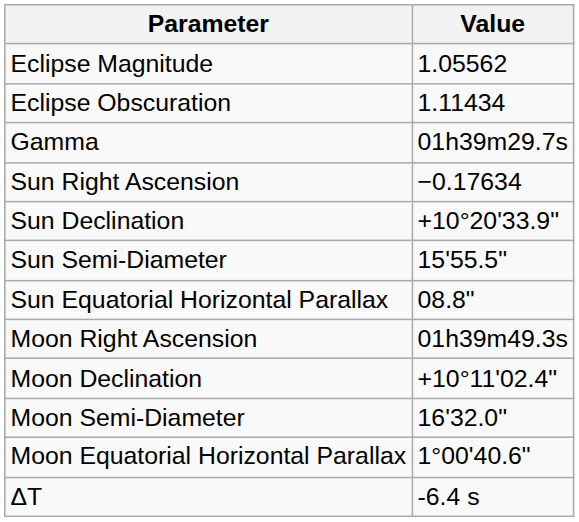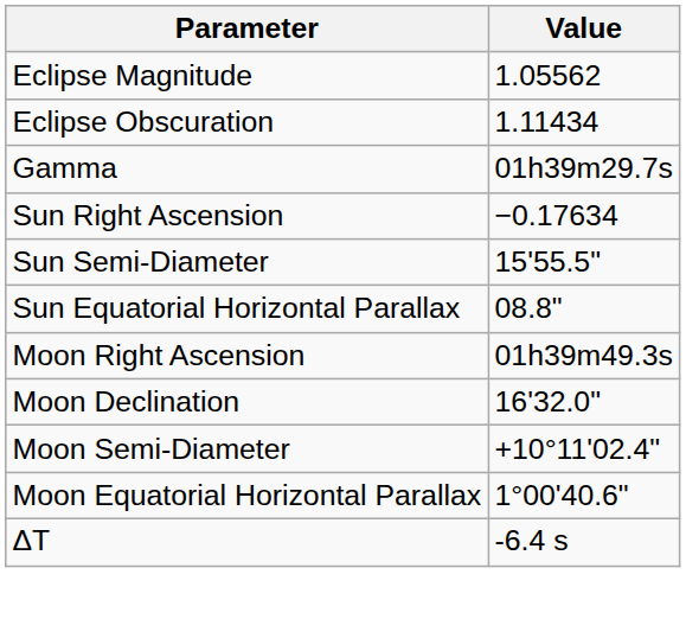 <table class="wikitable">
 <tr>
 <th>Parameter</th>
 <th>Value</th>
 </tr>
 <tr>
 <td>Eclipse Magnitude</td>
 <td>1.05562</td>
 </tr>
 <tr>
 <td>Eclipse Obscuration</td>
 <td>1.11434</td>
 </tr>
 <tr>
 <td>Gamma</td>
 <td>01h39m29.7s</td>
 </tr>
 <tr>
 <td>Sun Right Ascension</td>
 <td>−0.17634</td>
 </tr>
 <tr>
-<td>Sun Declination</td>
-<td>+10°20'33.9"</td>
-</tr>
-<tr>
 <td>Sun Semi-Diameter</td>
 <td>15'55.5"</td>
 </tr>
 <tr>
 <td>Sun Equatorial Horizontal Parallax</td>
 <td>08.8"</td>
 </tr>
 <tr>
 <td>Moon Right Ascension</td>
 <td>01h39m49.3s</td>
 </tr>
 <tr>
 <td>Moon Declination</td>
-<td>+10°11'02.4"</td>
+<td>16'32.0"</td>
 </tr>
 <tr>
 <td>Moon Semi-Diameter</td>
-<td>16'32.0"</td>
+<td>+10°11'02.4"</td>
 </tr>
 <tr>
 <td>Moon Equatorial Horizontal Parallax</td>
 <td>1°00'40.6"</td>
 </tr>
 <tr>
 <td>ΔT</td>
 <td>-6.4 s</td>
 </tr>
 </table>
